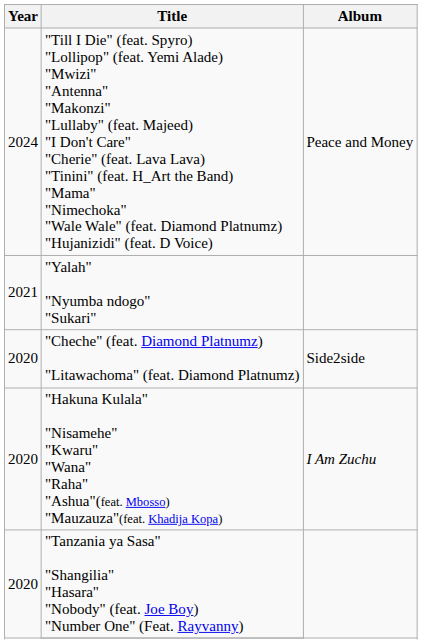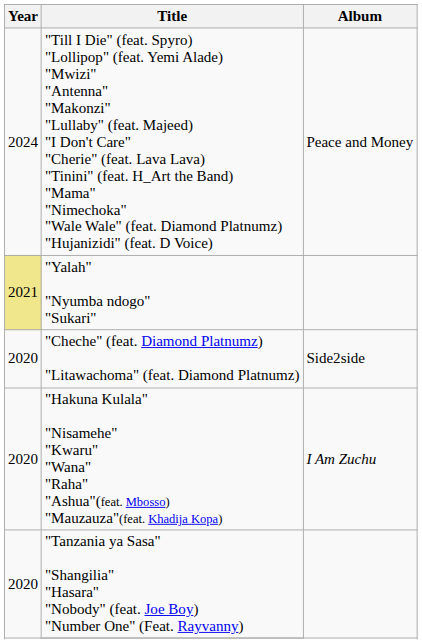 <table class="wikitable sortable">
 <tr>
 <th>Year</th>
 <th>Title</th>
 <th>Album</th>
 </tr>
 <tr>
 <td>2024</td>
 <td>"Till I Die" (feat. Spyro)<br>"Lollipop" (feat. Yemi Alade)<br>"Mwizi"<br>"Antenna"<br>"Makonzi"<br>"Lullaby" (feat. Majeed)<br>"I Don't Care"<br>"Cherie" (feat. Lava Lava)<br>"Tinini" (feat. H_Art the Band)<br>"Mama"<br>"Nimechoka"<br>"Wale Wale" (feat. Diamond Platnumz)<br>"Hujanizidi" (feat. D Voice)</td>
 <td>Peace and Money</td>
 </tr>
 <tr>
-<td>2021</td>
+<td style="background: khaki;">2021</td>
 <td>"Yalah"<br><br>"Nyumba ndogo"<br> "Sukari"</td>
 </tr>
 <tr>
 <td>2020</td>
 <td>"Cheche" (feat. <a href='#'>Diamond Platnumz</a>)<br><br>"Litawachoma" (feat. Diamond Platnumz)<br></td>
 <td>Side2side</td>
 </tr>
 <tr>
 <td>2020</td>
 <td>"Hakuna Kulala"<br><br>"Nisamehe"<br> "Kwaru"<br> "Wana"<br> "Raha"<br> "Ashua"(<small>feat. <a href='#'>Mbosso</a>)</small><br> "Mauzauza"<small>(feat. <a href='#'>Khadija Kopa</a>)</small></td>
 <td><em>I Am Zuchu</em></td>
 </tr>
 <tr>
 <td rowspan="6">2020<br></td>
 <td>"Tanzania ya Sasa"<br><br>"Shangilia"<br> "Hasara"<br> "Nobody" (feat. <a href='#'>Joe Boy</a>)<br> "Number One" (Feat. <a href='#'>Rayvanny</a>)</td>
 <td rowspan="6"></td>
 </tr>
 <tr>
 </tr>
 </table>
